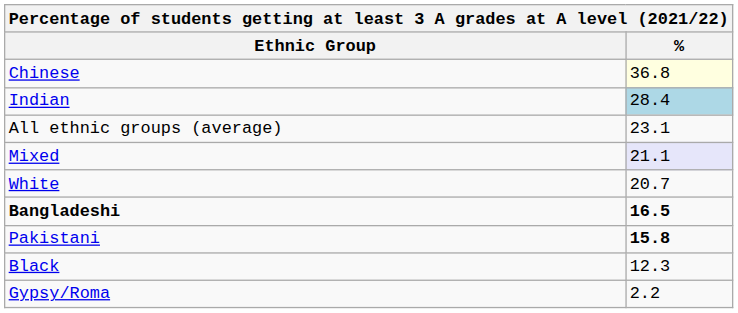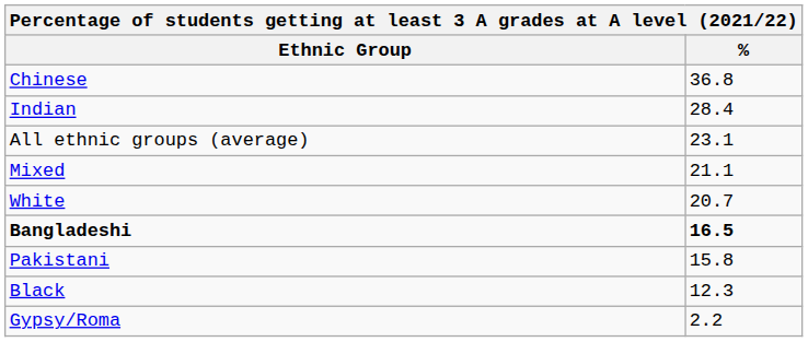 <table class="wikitable sortable">
 <tr>
 <th colspan="3">Percentage of students getting at least 3 A grades at A level (2021/22)</th>
 </tr>
 <tr>
 <th>Ethnic Group</th>
 <th>%</th>
 </tr>
 <tr>
 <td><a href='#'>Chinese</a></td>
-<td style="background: lightyellow;">36.8</td>
+<td>36.8</td>
 </tr>
 <tr>
 <td><a href='#'>Indian</a></td>
-<td style="background: lightblue;">28.4</td>
+<td>28.4</td>
 </tr>
 <tr>
 <td>All ethnic groups (average)</td>
 <td>23.1</td>
 </tr>
 <tr>
 <td><a href='#'>Mixed</a></td>
-<td style="background: lavender;">21.1</td>
+<td>21.1</td>
 </tr>
 <tr>
 <td><a href='#'>White</a></td>
 <td>20.7</td>
 </tr>
 <tr>
 <td><strong>Bangladeshi</strong></td>
 <td><strong>16.5</strong></td>
 </tr>
 <tr>
 <td><a href='#'>Pakistani</a></td>
-<td><strong>15.8</strong></td>
+<td>15.8</td>
 </tr>
 <tr>
 <td><a href='#'>Black</a></td>
 <td>12.3</td>
 </tr>
 <tr>
 <td><a href='#'>Gypsy/Roma</a></td>
 <td>2.2</td>
 </tr>
 </table>
